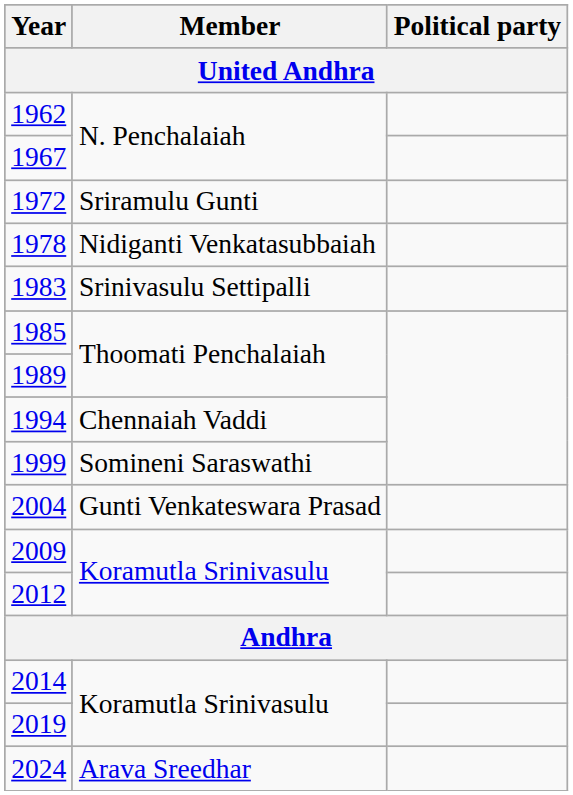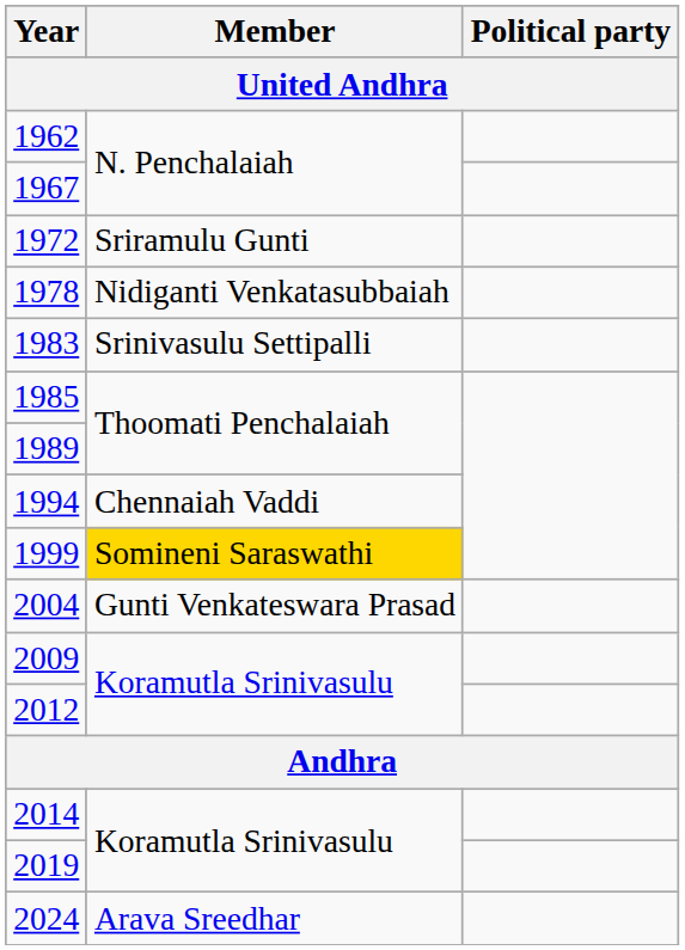 <table class="wikitable sortable">
 <tr>
 <th>Year</th>
 <th>Member</th>
 <th colspan="2">Political party</th>
 </tr>
 <tr>
 <th colspan=4><a href='#'>United Andhra</a></th>
 </tr>
 <tr>
 <td><a href='#'>1962</a></td>
 <td rowspan=2>N. Penchalaiah</td>
 <td></td>
 </tr>
 <tr>
 <td><a href='#'>1967</a></td>
 </tr>
 <tr>
 <td><a href='#'>1972</a></td>
 <td>Sriramulu Gunti</td>
 <td></td>
 </tr>
 <tr>
 <td><a href='#'>1978</a></td>
 <td>Nidiganti Venkatasubbaiah</td>
 <td></td>
 </tr>
 <tr>
 <td><a href='#'>1983</a></td>
 <td>Srinivasulu Settipalli</td>
 <td></td>
 </tr>
 <tr>
 <td><a href='#'>1985</a></td>
 <td rowspan=2>Thoomati Penchalaiah</td>
 </tr>
 <tr>
 <td><a href='#'>1989</a></td>
 </tr>
 <tr>
 <td><a href='#'>1994</a></td>
 <td>Chennaiah Vaddi</td>
 </tr>
 <tr>
 <td><a href='#'>1999</a></td>
-<td>Somineni Saraswathi</td>
+<td style="background: gold;">Somineni Saraswathi</td>
 </tr>
 <tr>
 <td><a href='#'>2004</a></td>
 <td>Gunti Venkateswara Prasad</td>
 <td></td>
 </tr>
 <tr>
 <td><a href='#'>2009</a></td>
 <td rowspan=2><a href='#'>Koramutla Srinivasulu</a></td>
 </tr>
 <tr>
 <td><a href='#'>2012</a></td>
 <td></td>
 </tr>
 <tr>
 <th colspan=4><a href='#'>Andhra</a></th>
 </tr>
 <tr>
 <td><a href='#'>2014</a></td>
 <td rowspan=2>Koramutla Srinivasulu</td>
 <td></td>
 </tr>
 <tr>
 <td><a href='#'>2019</a></td>
 </tr>
 <tr>
 <td><a href='#'>2024</a></td>
 <td><a href='#'>Arava Sreedhar</a></td>
 <td></td>
 </tr>
 </table>
